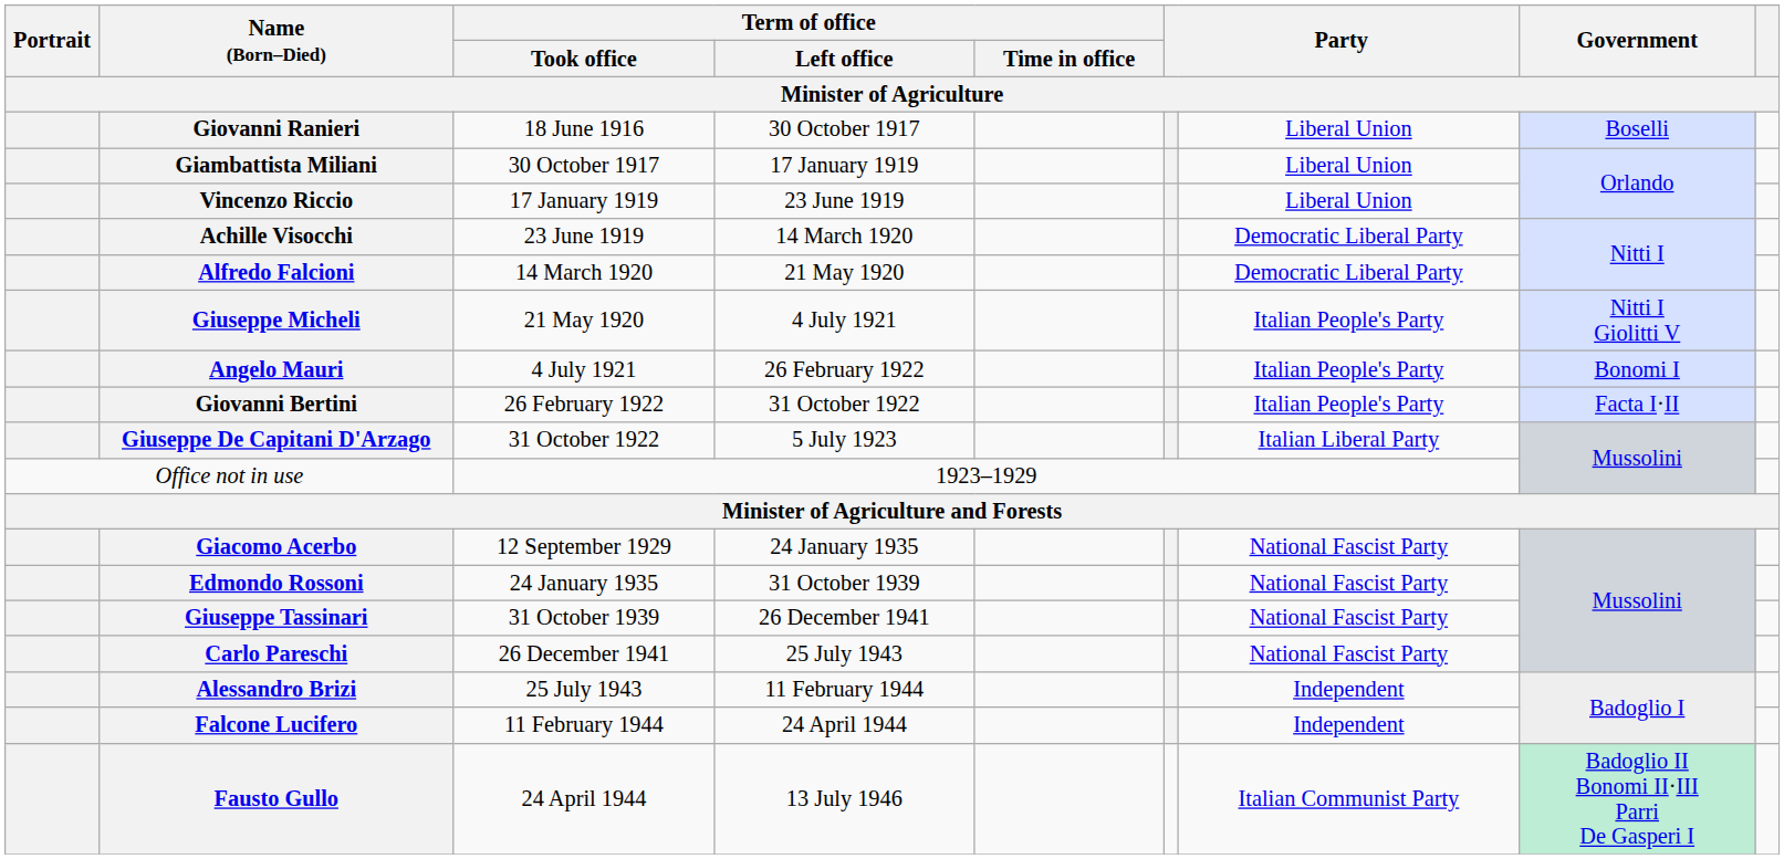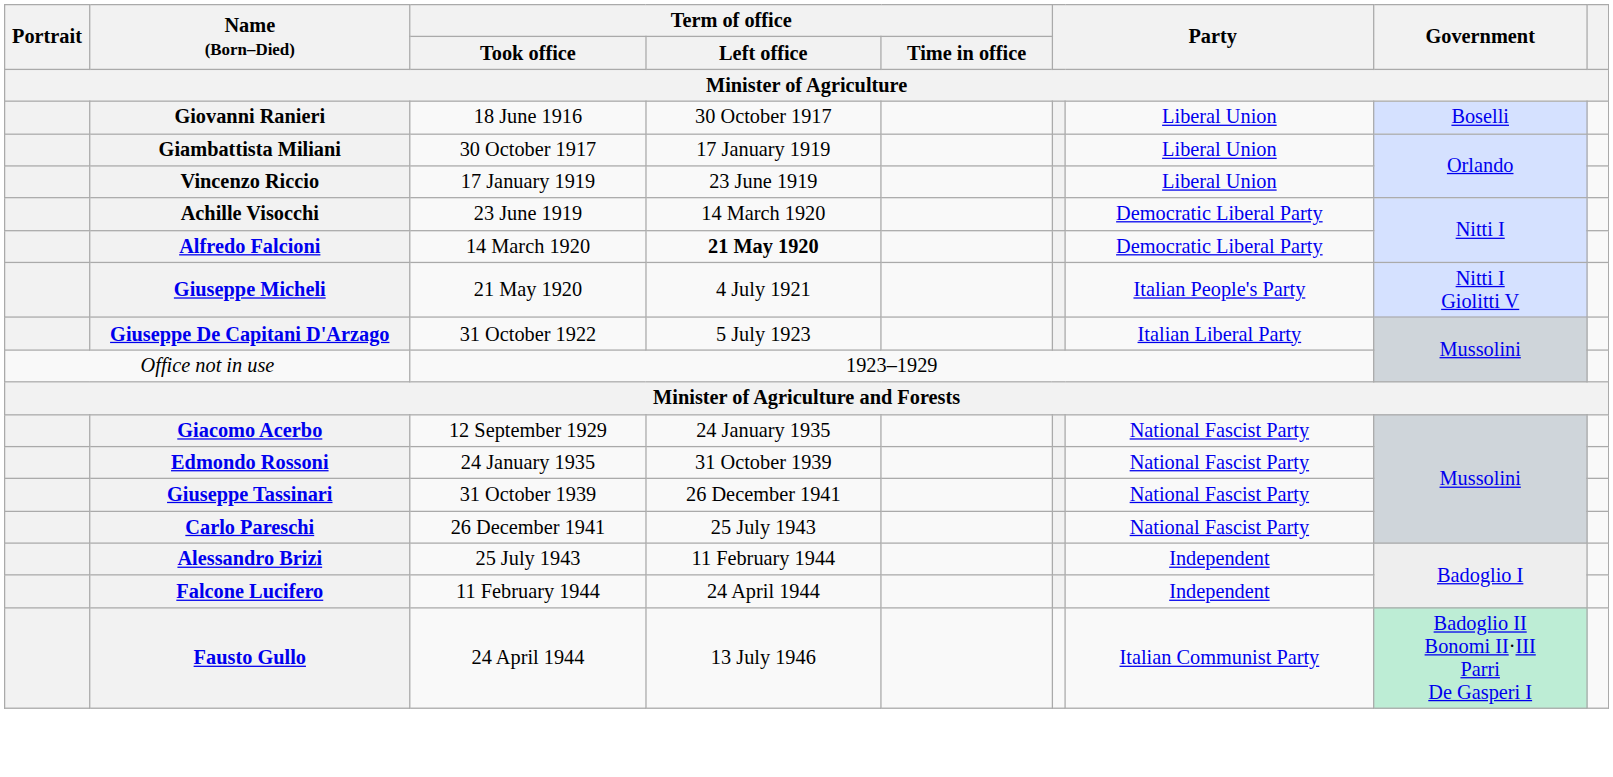 <table class="wikitable" style="text-align:center; style="width=100%">
 <tr>
 <th width=1% rowspan=2>Portrait</th>
 <th width=15% rowspan=2>Name<br><small>(Born–Died)</small></th>
 <th width=30% colspan=3>Term of office</th>
 <th width=15% rowspan=2 colspan=2>Party</th>
 <th width=10% rowspan=2>Government</th>
 <th width=1% rowspan=2></th>
 </tr>
 <tr style="text-align:center;">
 <th width=11%>Took office</th>
 <th width=11%>Left office</th>
 <th width=8%>Time in office</th>
 </tr>
 <tr>
 <th colspan=9>Minister of Agriculture</th>
 </tr>
 <tr>
 <th></th>
 <th scope="row" style="font-weight:normal"><strong>Giovanni Ranieri</strong><br></th>
 <td>18 June 1916</td>
 <td>30 October 1917</td>
 <td></td>
 <th style="background:"></th>
 <td><a href='#'>Liberal Union</a></td>
 <td bgcolor=#D5E1FF><a href='#'>Boselli</a></td>
 <td></td>
 </tr>
 <tr>
 <th></th>
 <th scope="row" style="font-weight:normal"><strong>Giambattista Miliani</strong><br></th>
 <td>30 October 1917</td>
 <td>17 January 1919</td>
 <td></td>
 <th style="background:"></th>
 <td><a href='#'>Liberal Union</a></td>
 <td rowspan=2 bgcolor=#D5E1FF><a href='#'>Orlando</a></td>
 <td></td>
 </tr>
 <tr>
 <th></th>
 <th scope="row" style="font-weight:normal"><strong>Vincenzo Riccio</strong><br></th>
 <td>17 January 1919</td>
 <td>23 June 1919</td>
 <td></td>
 <th style="background:"></th>
 <td><a href='#'>Liberal Union</a></td>
 <td></td>
 </tr>
 <tr>
 <th></th>
 <th scope="row" style="font-weight:normal"><strong>Achille Visocchi</strong><br></th>
 <td>23 June 1919</td>
 <td>14 March 1920</td>
 <td></td>
 <th style="background:"></th>
 <td><a href='#'>Democratic Liberal Party</a></td>
 <td rowspan=2 bgcolor=#D5E1FF><a href='#'>Nitti I</a></td>
 <td></td>
 </tr>
 <tr>
 <th></th>
 <th scope="row" style="font-weight:normal"><strong><a href='#'>Alfredo Falcioni</a></strong><br></th>
 <td>14 March 1920</td>
-<td>21 May 1920</td>
+<td><strong>21 May 1920</strong></td>
 <td></td>
 <th style="background:"></th>
 <td><a href='#'>Democratic Liberal Party</a></td>
 <td></td>
 </tr>
 <tr>
 <th></th>
 <th scope="row" style="font-weight:normal"><strong><a href='#'>Giuseppe Micheli</a></strong><br></th>
 <td>21 May 1920</td>
 <td>4 July 1921</td>
 <td></td>
 <th style="background:"></th>
 <td><a href='#'>Italian People's Party</a></td>
 <td bgcolor=#D5E1FF><a href='#'>Nitti I</a><br><a href='#'>Giolitti V</a></td>
-<td></td>
-</tr>
-<tr>
-<th></th>
-<th scope="row" style="font-weight:normal"><strong><a href='#'>Angelo Mauri</a></strong><br></th>
-<td>4 July 1921</td>
-<td>26 February 1922</td>
-<td></td>
-<th style="background:"></th>
-<td><a href='#'>Italian People's Party</a></td>
-<td bgcolor=#D5E1FF><a href='#'>Bonomi I</a></td>
-<td></td>
-</tr>
-<tr>
-<th></th>
-<th scope="row" style="font-weight:normal"><strong>Giovanni Bertini</strong><br></th>
-<td>26 February 1922</td>
-<td>31 October 1922</td>
-<td></td>
-<th style="background:"></th>
-<td><a href='#'>Italian People's Party</a></td>
-<td bgcolor=#D5E1FF><a href='#'>Facta I</a>·<a href='#'>II</a></td>
 <td></td>
 </tr>
 <tr>
 <th></th>
 <th scope="row" style="font-weight:normal"><strong><a href='#'>Giuseppe De Capitani D'Arzago</a></strong><br></th>
 <td>31 October 1922</td>
 <td>5 July 1923</td>
 <td></td>
 <th style="background:"></th>
 <td><a href='#'>Italian Liberal Party</a></td>
 <td rowspan=2 bgcolor=#CFD5DA><a href='#'>Mussolini</a></td>
 <td></td>
 </tr>
 <tr>
 <td colspan=2><em>Office not in use</em></td>
 <td colspan=5 align="center">1923–1929</td>
 </tr>
 <tr>
 <th colspan=9>Minister of Agriculture and Forests</th>
 </tr>
 <tr>
 <th></th>
 <th scope="row" style="font-weight:normal"><strong><a href='#'>Giacomo Acerbo</a></strong><br></th>
 <td>12 September 1929</td>
 <td>24 January 1935</td>
 <td></td>
 <th style="background:"></th>
 <td><a href='#'>National Fascist Party</a></td>
 <td rowspan=4 bgcolor=#CFD5DA><a href='#'>Mussolini</a></td>
 <td></td>
 </tr>
 <tr>
 <th></th>
 <th scope="row" style="font-weight:normal"><strong><a href='#'>Edmondo Rossoni</a></strong><br></th>
 <td>24 January 1935</td>
 <td>31 October 1939</td>
 <td></td>
 <th style="background:"></th>
 <td><a href='#'>National Fascist Party</a></td>
 <td></td>
 </tr>
 <tr>
 <th></th>
 <th scope="row" style="font-weight:normal"><strong><a href='#'>Giuseppe Tassinari</a></strong><br></th>
 <td>31 October 1939</td>
 <td>26 December 1941</td>
 <td></td>
 <th style="background:"></th>
 <td><a href='#'>National Fascist Party</a></td>
 <td></td>
 </tr>
 <tr>
 <th></th>
 <th scope="row" style="font-weight:normal"><strong><a href='#'>Carlo Pareschi</a></strong><br></th>
 <td>26 December 1941</td>
 <td>25 July 1943</td>
 <td></td>
 <th style="background:"></th>
 <td><a href='#'>National Fascist Party</a></td>
 <td></td>
 </tr>
 <tr>
 <th></th>
 <th scope="row" style="font-weight:normal"><strong><a href='#'>Alessandro Brizi</a></strong><br></th>
 <td>25 July 1943</td>
 <td>11 February 1944</td>
 <td></td>
 <th style="background:"></th>
 <td><a href='#'>Independent</a></td>
 <td rowspan=2 bgcolor=#EEEEEE><a href='#'>Badoglio I</a></td>
 <td></td>
 </tr>
 <tr>
 <th></th>
 <th scope="row" style="font-weight:normal"><strong><a href='#'>Falcone Lucifero</a></strong><br></th>
 <td>11 February 1944</td>
 <td>24 April 1944</td>
 <td></td>
 <th style="background:"></th>
 <td><a href='#'>Independent</a></td>
 <td></td>
 </tr>
 <tr>
 <th></th>
 <th scope="row" style="font-weight:normal"><strong><a href='#'>Fausto Gullo</a></strong><br></th>
 <td>24 April 1944</td>
 <td>13 July 1946</td>
 <td></td>
 <td style="background:"></td>
 <td><a href='#'>Italian Communist Party</a></td>
 <td bgcolor=#BDEDD5><a href='#'>Badoglio II</a><br><a href='#'>Bonomi II</a>·<a href='#'>III</a><br><a href='#'>Parri</a><br><a href='#'>De Gasperi I</a></td>
 <td></td>
 </tr>
 </table>
